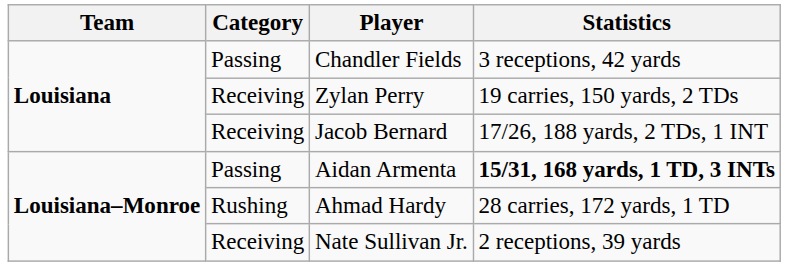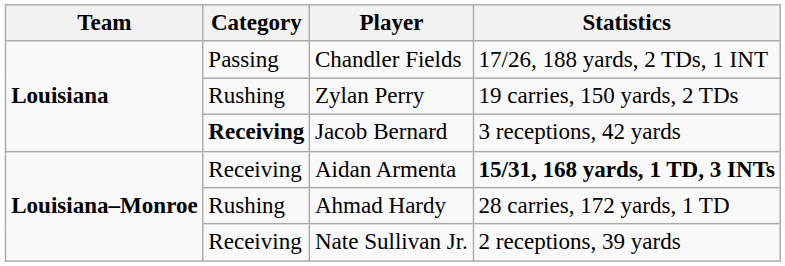 <table class="wikitable" style="float: right;">
 <tr>
 <th>Team</th>
 <th>Category</th>
 <th>Player</th>
 <th>Statistics</th>
 </tr>
 <tr>
 <td rowspan=3><strong>Louisiana</strong></td>
 <td>Passing</td>
 <td>Chandler Fields</td>
-<td>3 receptions, 42 yards</td>
+<td>17/26, 188 yards, 2 TDs, 1 INT</td>
 </tr>
 <tr>
-<td>Receiving</td>
+<td>Rushing</td>
 <td>Zylan Perry</td>
 <td>19 carries, 150 yards, 2 TDs</td>
 </tr>
 <tr>
-<td>Receiving</td>
+<td><strong>Receiving</strong></td>
 <td>Jacob Bernard</td>
-<td>17/26, 188 yards, 2 TDs, 1 INT</td>
+<td>3 receptions, 42 yards</td>
 </tr>
 <tr>
 <td rowspan=3><strong>Louisiana–Monroe</strong></td>
-<td>Passing</td>
+<td>Receiving</td>
 <td>Aidan Armenta</td>
 <td><strong>15/31, 168 yards, 1 TD, 3 INTs</strong></td>
 </tr>
 <tr>
 <td>Rushing</td>
 <td>Ahmad Hardy</td>
 <td>28 carries, 172 yards, 1 TD</td>
 </tr>
 <tr>
 <td>Receiving</td>
 <td>Nate Sullivan Jr.</td>
 <td>2 receptions, 39 yards</td>
 </tr>
 </table>
